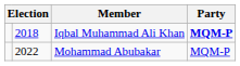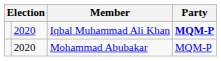 <table class="wikitable">
 <tr>
 <th colspan="2">Election</th>
 <th>Member</th>
 <th>Party</th>
 </tr>
 <tr>
 <td style="background-color: "></td>
-<td><a href='#'>2018</a></td>
+<td><a href='#'>2020</a></td>
 <td><a href='#'>Iqbal Muhammad Ali Khan</a></td>
 <td><strong><a href='#'>MQM-P</a></strong></td>
 </tr>
 <tr>
 <td style="background-color: "></td>
-<td>2022</td>
+<td>2020</td>
 <td><a href='#'>Mohammad Abubakar</a></td>
 <td><a href='#'>MQM-P</a></td>
 </tr>
 </table>
